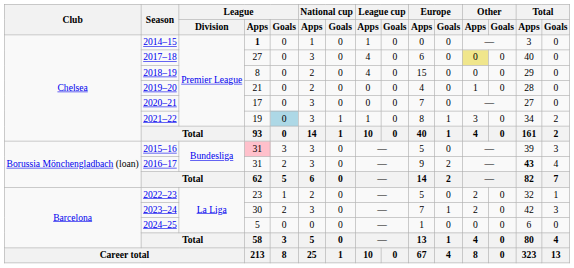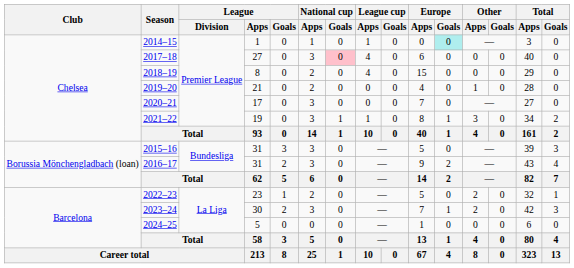 <table class="wikitable" style="text-align: center;">
 <tr>
 <th rowspan="2">Club</th>
 <th rowspan="2">Season</th>
 <th colspan="3">League</th>
 <th colspan="2">National cup</th>
 <th colspan="2">League cup</th>
 <th colspan="2">Europe</th>
 <th colspan="2">Other</th>
 <th colspan="2">Total</th>
 </tr>
 <tr>
 <th>Division</th>
 <th>Apps</th>
 <th>Goals</th>
 <th>Apps</th>
 <th>Goals</th>
 <th>Apps</th>
 <th>Goals</th>
 <th>Apps</th>
 <th>Goals</th>
 <th>Apps</th>
 <th>Goals</th>
 <th>Apps</th>
 <th>Goals</th>
 </tr>
 <tr>
 <td rowspan="7"><a href='#'>Chelsea</a></td>
 <td><a href='#'>2014–15</a></td>
 <td rowspan="6"><a href='#'>Premier League</a></td>
-<td><strong>1</strong></td>
+<td>1</td>
 <td>0</td>
 <td>1</td>
 <td>0</td>
 <td>1</td>
 <td>0</td>
 <td>0</td>
-<td>0</td>
+<td style="background: paleturquoise;">0</td>
 <td colspan="2">—</td>
 <td>3</td>
 <td>0</td>
 </tr>
 <tr>
 <td><a href='#'>2017–18</a></td>
 <td>27</td>
 <td>0</td>
 <td>3</td>
-<td>0</td>
+<td style="background: pink;">0</td>
 <td>4</td>
 <td>0</td>
 <td>6</td>
 <td>0</td>
-<td style="background: khaki;">0</td>
+<td>0</td>
 <td>0</td>
 <td>40</td>
 <td>0</td>
 </tr>
 <tr>
 <td><a href='#'>2018–19</a></td>
 <td>8</td>
 <td>0</td>
 <td>2</td>
 <td>0</td>
 <td>4</td>
 <td>0</td>
 <td>15</td>
 <td>0</td>
 <td>0</td>
 <td>0</td>
 <td>29</td>
 <td>0</td>
 </tr>
 <tr>
 <td><a href='#'>2019–20</a></td>
 <td>21</td>
 <td>0</td>
 <td>2</td>
 <td>0</td>
 <td>0</td>
 <td>0</td>
 <td>4</td>
 <td>0</td>
 <td>1</td>
 <td>0</td>
 <td>28</td>
 <td>0</td>
 </tr>
 <tr>
 <td><a href='#'>2020–21</a></td>
 <td>17</td>
 <td>0</td>
 <td>3</td>
 <td>0</td>
 <td>0</td>
 <td>0</td>
 <td>7</td>
 <td>0</td>
 <td colspan="2">—</td>
 <td>27</td>
 <td>0</td>
 </tr>
 <tr>
 <td><a href='#'>2021–22</a></td>
 <td>19</td>
-<td style="background: lightblue;">0</td>
+<td>0</td>
 <td>3</td>
 <td>1</td>
 <td>1</td>
 <td>0</td>
 <td>8</td>
 <td>1</td>
 <td>3</td>
 <td>0</td>
 <td>34</td>
 <td>2</td>
 </tr>
 <tr>
 <th colspan="2">Total</th>
 <th>93</th>
 <th>0</th>
 <th>14</th>
 <th>1</th>
 <th>10</th>
 <th>0</th>
 <th>40</th>
 <th>1</th>
 <th>4</th>
 <th>0</th>
 <th>161</th>
 <th>2</th>
 </tr>
 <tr>
 <td rowspan="3"><a href='#'>Borussia Mönchengladbach</a> (loan)</td>
 <td><a href='#'>2015–16</a></td>
 <td rowspan="2"><a href='#'>Bundesliga</a></td>
-<td style="background: pink;">31</td>
+<td>31</td>
 <td>3</td>
 <td>3</td>
 <td>0</td>
 <td colspan="2">—</td>
 <td>5</td>
 <td>0</td>
 <td colspan="2">—</td>
 <td>39</td>
 <td>3</td>
 </tr>
 <tr>
 <td><a href='#'>2016–17</a></td>
 <td>31</td>
 <td>2</td>
 <td>3</td>
 <td>0</td>
 <td colspan="2">—</td>
 <td>9</td>
 <td>2</td>
 <td colspan="2">—</td>
-<td><strong>43</strong></td>
+<td>43</td>
 <td>4</td>
 </tr>
 <tr>
 <th colspan="2">Total</th>
 <th>62</th>
 <th>5</th>
 <th>6</th>
 <th>0</th>
 <th colspan="2">—</th>
 <th>14</th>
 <th>2</th>
 <th colspan="2">—</th>
 <th>82</th>
 <th>7</th>
 </tr>
 <tr>
 <td rowspan="4"><a href='#'>Barcelona</a></td>
 <td><a href='#'>2022–23</a></td>
 <td rowspan="3"><a href='#'>La Liga</a></td>
 <td>23</td>
 <td>1</td>
 <td>2</td>
 <td>0</td>
 <td colspan="2">—</td>
 <td>5</td>
 <td>0</td>
 <td>2</td>
 <td>0</td>
 <td>32</td>
 <td>1</td>
 </tr>
 <tr>
 <td><a href='#'>2023–24</a></td>
 <td>30</td>
 <td>2</td>
 <td>3</td>
 <td>0</td>
 <td colspan="2">—</td>
 <td>7</td>
 <td>1</td>
 <td>2</td>
 <td>0</td>
 <td>42</td>
 <td>3</td>
 </tr>
 <tr>
 <td><a href='#'>2024–25</a></td>
 <td>5</td>
 <td>0</td>
 <td>0</td>
 <td>0</td>
 <td colspan="2">—</td>
 <td>1</td>
 <td>0</td>
 <td>0</td>
 <td>0</td>
 <td>6</td>
 <td>0</td>
 </tr>
 <tr>
 <th colspan="2">Total</th>
 <th>58</th>
 <th>3</th>
 <th>5</th>
 <th>0</th>
 <th colspan="2">—</th>
 <th>13</th>
 <th>1</th>
 <th>4</th>
 <th>0</th>
 <th>80</th>
 <th>4</th>
 </tr>
 <tr>
 <th colspan="3">Career total</th>
 <th>213</th>
 <th>8</th>
 <th>25</th>
 <th>1</th>
 <th>10</th>
 <th>0</th>
 <th>67</th>
 <th>4</th>
 <th>8</th>
 <th>0</th>
 <th>323</th>
 <th>13</th>
 </tr>
 </table>
